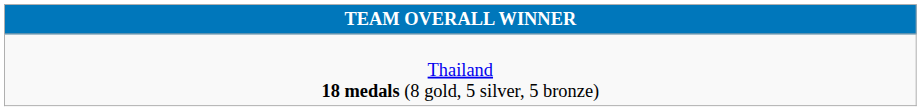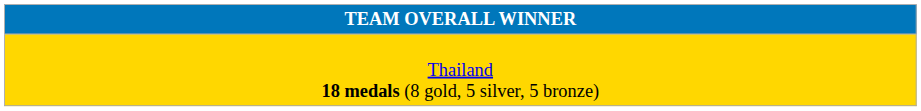 <table class="wikitable" style="font-size:125%;width:50%">
 <tr>
 <td style="background:#0077bb;color:#fff;text-align:center"><strong>TEAM OVERALL WINNER</strong></td>
 </tr>
 <tr align=center>
-<td><br><a href='#'>Thailand</a><br><strong>18 medals</strong> (8 gold, 5 silver, 5 bronze)</td>
+<td style="background: gold;"><br><a href='#'>Thailand</a><br><strong>18 medals</strong> (8 gold, 5 silver, 5 bronze)</td>
 </tr>
 </table>
